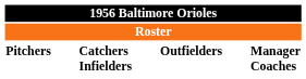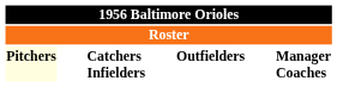 <table class="toccolours" style="font-size: 95%;">
 <tr>
 <th colspan="10" style="background-color: black; color: white; text-align: center;">1956 Baltimore Orioles</th>
 </tr>
 <tr>
 <td colspan="10" style="background-color: #F87217; color: white; text-align: center;"><strong>Roster</strong></td>
 </tr>
 <tr>
-<td valign="top"><strong>Pitchers</strong><br>                      </td>
+<td valign="top" style="background: lightyellow;"><strong>Pitchers</strong><br>                      </td>
 <td width="25px"></td>
 <td valign="top"><strong>Catchers</strong><br>    <strong>Infielders</strong>          </td>
 <td width="25px"></td>
 <td valign="top"><strong>Outfielders</strong><br>          </td>
 <td width="25px"></td>
 <td valign="top"><strong>Manager</strong><br> <strong>Coaches</strong>   </td>
 </tr>
 </table>
